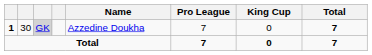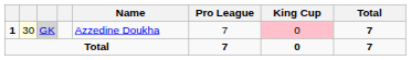 <table class="wikitable" style="text-align:center">
 <tr>
 <th width=15></th>
 <th width=15></th>
 <th width=15></th>
 <th width=15></th>
 <th width=165>Name</th>
 <th width=100>Pro League</th>
 <th width=100>King Cup</th>
 <th width=100>Total</th>
 </tr>
 <tr>
 <td><strong>1</strong></td>
-<td>30</td>
+<td style="background: lightyellow;">30</td>
 <td style="background: lightgrey;"><a href='#'>GK</a></td>
 <td></td>
 <td align=left><a href='#'>Azzedine Doukha</a></td>
 <td>7</td>
-<td>0</td>
+<td style="background: pink;">0</td>
 <td><strong>7</strong></td>
 </tr>
 <tr>
 <td colspan=5><strong>Total</strong></td>
 <td><strong>7</strong></td>
 <td><strong>0</strong></td>
 <td><strong>7</strong></td>
 </tr>
 </table>
